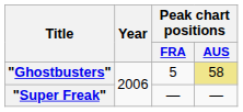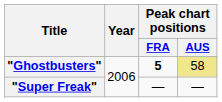 <table class="wikitable plainrowheaders" style="text-align:center;">
 <tr>
 <th scope="col" rowspan="2">Title</th>
 <th scope="col" rowspan="2">Year</th>
 <th scope="col" colspan="2">Peak chart positions</th>
 </tr>
 <tr>
 <th scope="col" style="width:3em;font-size:90%;"><a href='#'>FRA</a><br></th>
 <th scope="col" style="width:3em;font-size:90%;"><a href='#'>AUS</a><br></th>
 </tr>
 <tr>
 <th scope="row">"<a href='#'>Ghostbusters</a>"</th>
 <td rowspan="2">2006</td>
-<td>5</td>
+<td><strong>5</strong></td>
 <td style="background: khaki;">58</td>
 </tr>
 <tr>
 <th scope="row">"<a href='#'>Super Freak</a>"</th>
 <td>—</td>
 <td>—</td>
 </tr>
 </table>
